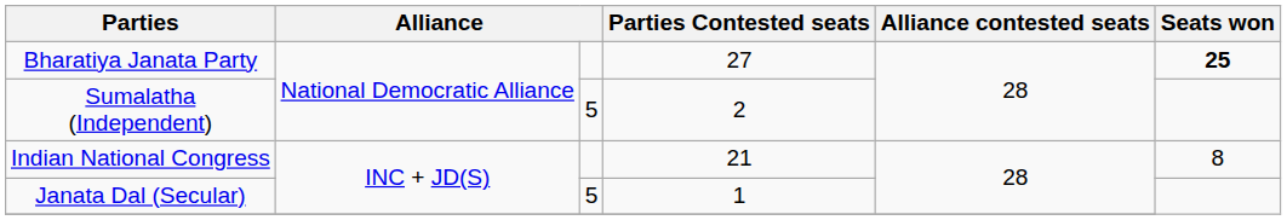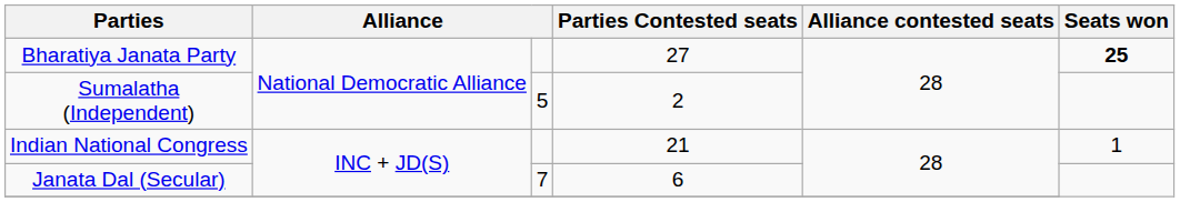 <table class="wikitable" style="text-align:center">
 <tr>
 <th>Parties</th>
 <th colspan=2>Alliance</th>
 <th>Parties Contested seats</th>
 <th>Alliance contested seats</th>
 <th>Seats won</th>
 </tr>
 <tr>
 <td><a href='#'>Bharatiya Janata Party</a></td>
 <td rowspan=2><a href='#'>National Democratic Alliance</a></td>
 <td></td>
 <td>27</td>
 <td rowspan=2>28</td>
 <td><strong>25</strong></td>
 </tr>
 <tr>
 <td><a href='#'>Sumalatha</a> <br>(<a href='#'>Independent</a>)</td>
 <td>5</td>
 <td>2</td>
 </tr>
 <tr>
 <td><a href='#'>Indian National Congress</a></td>
 <td rowspan=2><a href='#'>INC</a> + <a href='#'>JD(S)</a></td>
 <td></td>
 <td>21</td>
 <td rowspan=2>28</td>
-<td>8</td>
+<td>1</td>
 </tr>
 <tr>
 <td><a href='#'>Janata Dal (Secular)</a></td>
-<td>5</td>
-<td>1</td>
+<td>7</td>
+<td>6</td>
 </tr>
 <tr>
 </tr>
 </table>
